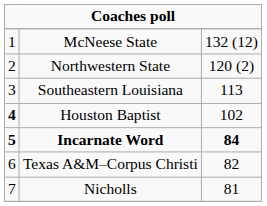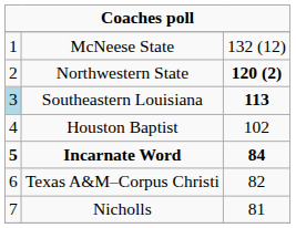 <table class="wikitable">
 <tr align="center">
 <td align="center" Colspan="3"><strong>Coaches poll</strong></td>
 </tr>
 <tr align="center">
 </tr>
 <tr align="center">
 <td>1</td>
 <td>McNeese State</td>
 <td>132 (12)</td>
 </tr>
 <tr align="center">
 <td>2</td>
 <td>Northwestern State</td>
-<td>120 (2)</td>
+<td><strong>120 (2)</strong></td>
 </tr>
 <tr align="center">
-<td>3</td>
+<td style="background: lightblue;">3</td>
 <td>Southeastern Louisiana</td>
-<td>113</td>
+<td><strong>113</strong></td>
 </tr>
 <tr align="center">
-<td><strong>4</strong></td>
+<td>4</td>
 <td>Houston Baptist</td>
 <td>102</td>
 </tr>
 <tr align="center">
 <td><strong>5</strong></td>
 <td><strong>Incarnate Word</strong></td>
 <td><strong>84</strong></td>
 </tr>
 <tr align="center">
 <td>6</td>
 <td>Texas A&M–Corpus Christi</td>
 <td>82</td>
 </tr>
 <tr align="center">
 <td>7</td>
 <td>Nicholls</td>
 <td>81</td>
 </tr>
 <tr align="center">
 </tr>
 </table>
